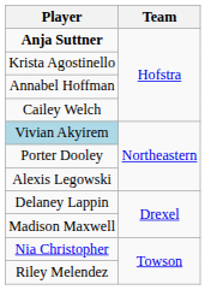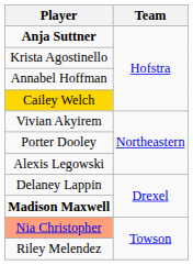 <table class="wikitable" style="text-align: center;">
 <tr>
 <th>Player</th>
 <th>Team</th>
 </tr>
 <tr>
 <td><strong>Anja Suttner</strong></td>
 <td rowspan=4><a href='#'>Hofstra</a></td>
 </tr>
 <tr>
 <td>Krista Agostinello</td>
 </tr>
 <tr>
 <td>Annabel Hoffman</td>
 </tr>
 <tr>
-<td>Cailey Welch</td>
+<td style="background: gold;">Cailey Welch</td>
 </tr>
 <tr>
-<td style="background: lightblue;">Vivian Akyirem</td>
+<td>Vivian Akyirem</td>
 <td rowspan=3><a href='#'>Northeastern</a></td>
 </tr>
 <tr>
 <td>Porter Dooley</td>
 </tr>
 <tr>
 <td>Alexis Legowski</td>
 </tr>
 <tr>
 <td>Delaney Lappin</td>
 <td rowspan=2><a href='#'>Drexel</a></td>
 </tr>
 <tr>
-<td>Madison Maxwell</td>
+<td><strong>Madison Maxwell</strong></td>
 </tr>
 <tr>
-<td><a href='#'>Nia Christopher</a></td>
+<td style="background: lightsalmon;"><a href='#'>Nia Christopher</a></td>
 <td rowspan=2><a href='#'>Towson</a></td>
 </tr>
 <tr>
 <td>Riley Melendez</td>
 </tr>
 </table>
